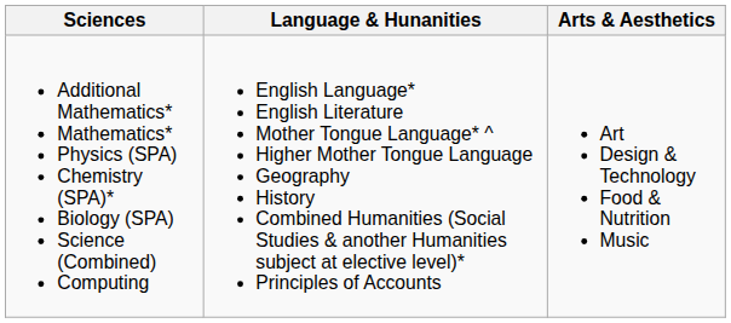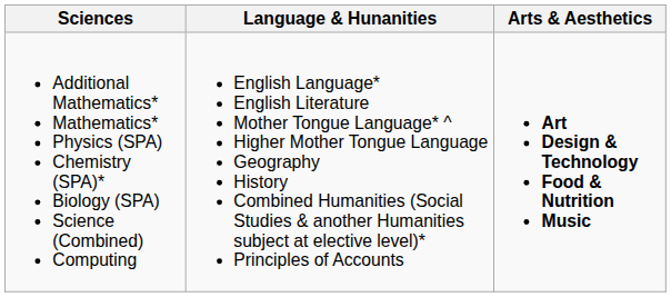 <table class="wikitable">
 <tr>
 <th>Sciences</th>
 <th><strong>Language & Hunanities</strong></th>
 <th><strong>Arts & Aesthetics</strong></th>
 </tr>
 <tr>
 <td><br><ul><li>Additional Mathematics*</li><li>Mathematics*</li><li>Physics (SPA)</li><li>Chemistry (SPA)*</li><li>Biology (SPA)</li><li>Science (Combined)</li><li>Computing</li></ul></td>
 <td><br><ul><li>English Language*</li><li>English Literature</li><li>Mother Tongue Language* ^</li><li>Higher Mother Tongue Language</li><li>Geography</li><li>History</li><li>Combined Humanities (Social Studies & another Humanities subject at elective level)*</li><li>Principles of Accounts</li></ul></td>
-<td><br><ul><li>Art</li><li>Design & Technology</li><li>Food & Nutrition</li><li>Music</li></ul></td>
+<td><strong><br><ul><li>Art</li><li>Design & Technology</li><li>Food & Nutrition</li><li>Music</li></ul></strong></td>
 </tr>
 </table>
